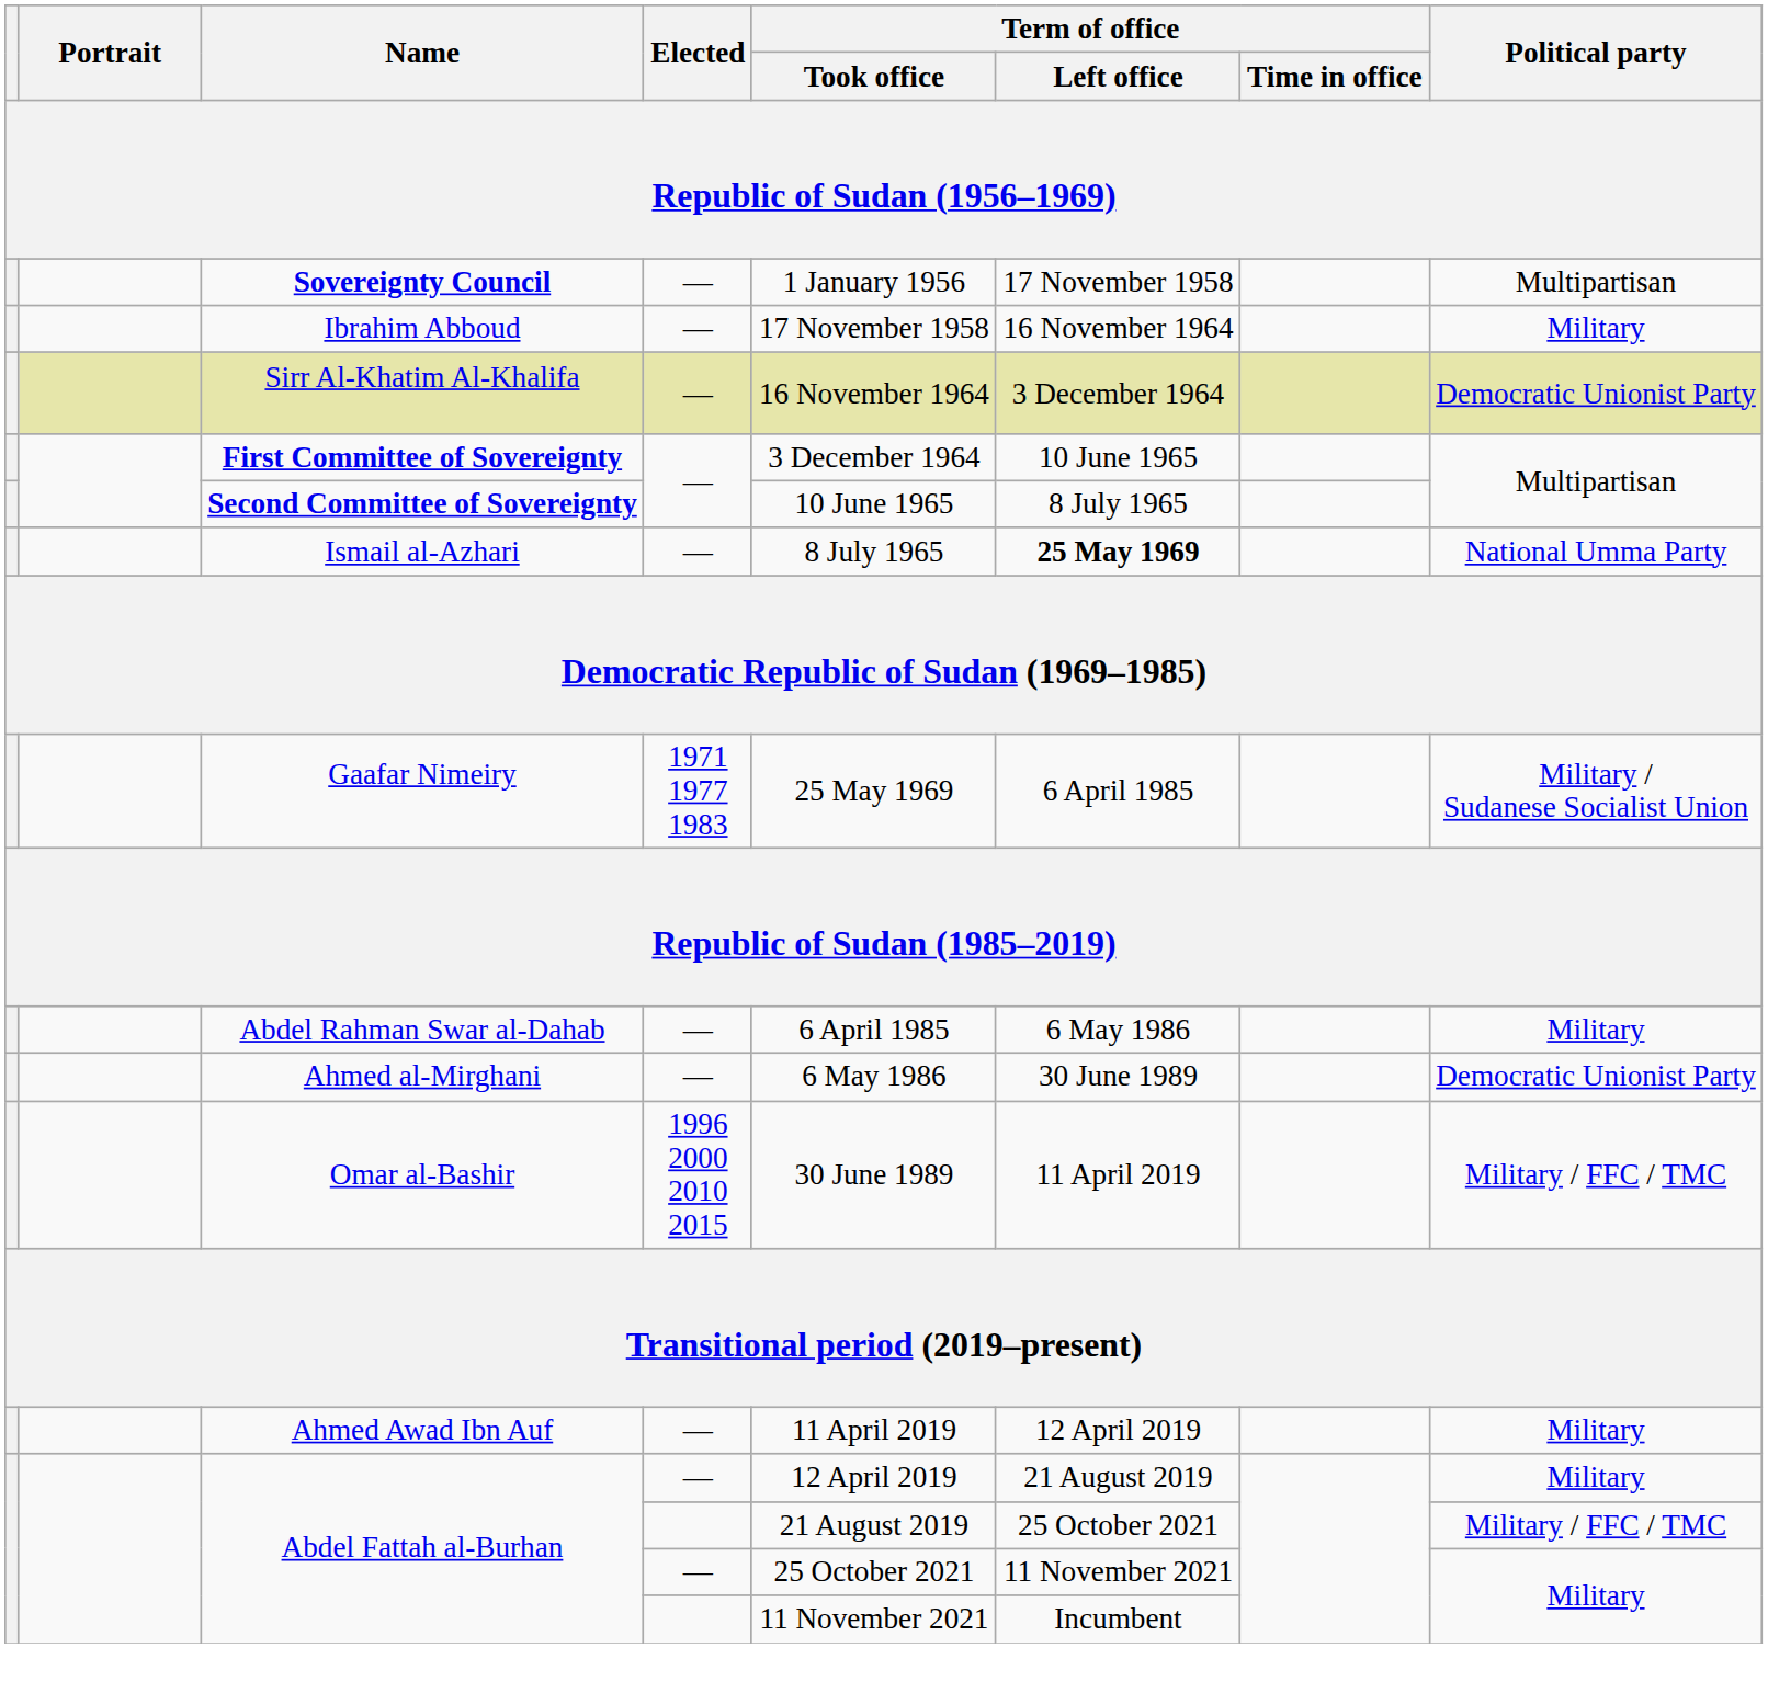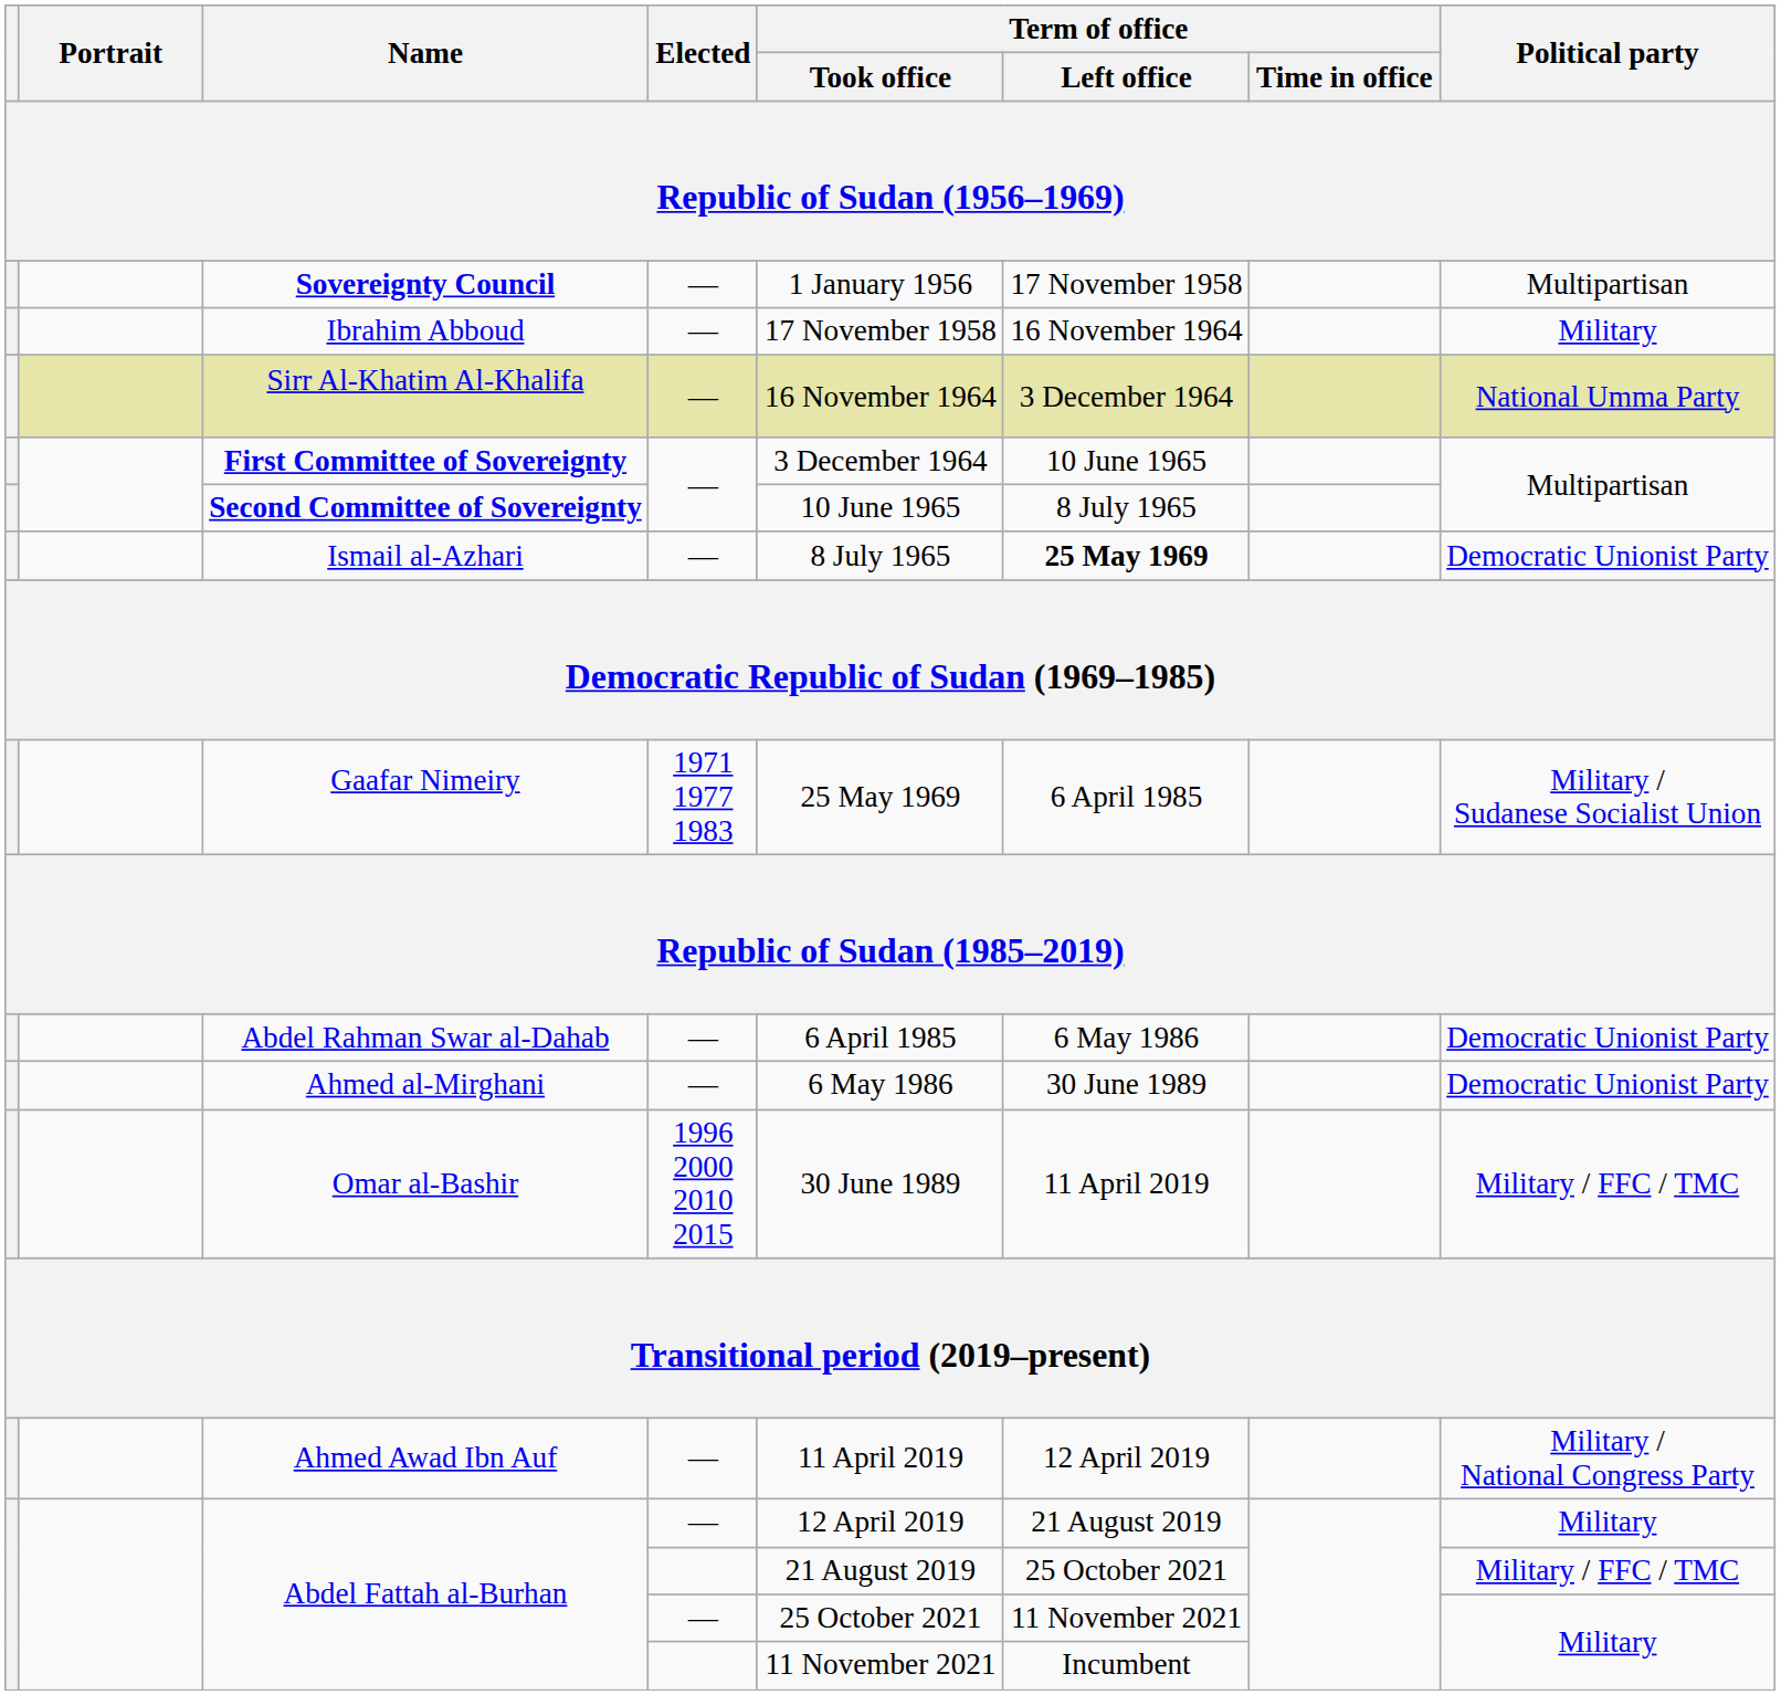 <table class="wikitable" style="text-align:center">
 <tr>
 <th rowspan="2"></th>
 <th rowspan="2" width="90px">Portrait</th>
 <th rowspan="2">Name<br></th>
 <th rowspan="2">Elected</th>
 <th colspan="3">Term of office</th>
 <th rowspan="2">Political party</th>
 </tr>
 <tr>
 <th>Took office</th>
 <th>Left office</th>
 <th>Time in office</th>
 </tr>
 <tr>
 <th colspan="8"><br><h3><a href='#'>Republic of Sudan (1956–1969)</a></h3></th>
 </tr>
 <tr>
 <th style="background:;"></th>
 <td></td>
 <td><strong><a href='#'>Sovereignty Council</a></strong><br></td>
 <td>—</td>
 <td>1 January 1956</td>
 <td>17 November 1958<br></td>
 <td></td>
 <td>Multipartisan</td>
 </tr>
 <tr>
 <th style="background:"></th>
 <td></td>
 <td><a href='#'>Ibrahim Abboud</a><br></td>
 <td>—</td>
 <td>17 November 1958</td>
 <td>16 November 1964<br></td>
 <td></td>
 <td><a href='#'>Military</a></td>
 </tr>
 <tr style="background:#e6e6aa;">
 <th style="background:"></th>
 <td></td>
 <td><a href='#'>Sirr Al-Khatim Al-Khalifa</a><br><br></td>
 <td>—</td>
 <td>16 November 1964</td>
 <td>3 December 1964</td>
 <td></td>
-<td><a href='#'>Democratic Unionist Party</a></td>
+<td><a href='#'>National Umma Party</a></td>
 </tr>
 <tr>
 <th style="background:;"></th>
 <td rowspan=2></td>
 <td><strong><a href='#'>First Committee of Sovereignty</a></strong><br></td>
 <td rowspan=2>—</td>
 <td>3 December 1964</td>
 <td>10 June 1965</td>
 <td></td>
 <td rowspan=2>Multipartisan</td>
 </tr>
 <tr>
 <th style="background:;"></th>
 <td><strong><a href='#'>Second Committee of Sovereignty</a></strong><br></td>
 <td>10 June 1965</td>
 <td>8 July 1965</td>
 <td></td>
 </tr>
 <tr>
 <th style="background:"></th>
 <td></td>
 <td><a href='#'>Ismail al-Azhari</a><br></td>
 <td>—</td>
 <td>8 July 1965</td>
 <td><strong>25 May 1969<br></strong></td>
 <td></td>
-<td><a href='#'>National Umma Party</a></td>
+<td><a href='#'>Democratic Unionist Party</a></td>
 </tr>
 <tr>
 <th colspan="8"><br><h3><a href='#'>Democratic Republic of Sudan</a> (1969–1985)</h3></th>
 </tr>
 <tr>
 <th style="background:"></th>
 <td></td>
 <td><a href='#'>Gaafar Nimeiry</a><br><br></td>
 <td><a href='#'>1971</a><br><a href='#'>1977</a><br><a href='#'>1983</a></td>
 <td>25 May 1969</td>
 <td>6 April 1985<br></td>
 <td></td>
 <td><a href='#'>Military</a> / <br> <a href='#'>Sudanese Socialist Union</a></td>
 </tr>
 <tr>
 <th colspan="8"><br><h3><a href='#'>Republic of Sudan (1985–2019)</a></h3></th>
 </tr>
 <tr>
 <th style="background:"></th>
 <td></td>
 <td><a href='#'>Abdel Rahman Swar al-Dahab</a><br></td>
 <td>—</td>
 <td>6 April 1985</td>
 <td>6 May 1986</td>
 <td></td>
-<td><a href='#'>Military</a></td>
+<td><a href='#'>Democratic Unionist Party</a></td>
 </tr>
 <tr>
 <th style="background:"></th>
 <td></td>
 <td><a href='#'>Ahmed al-Mirghani</a><br></td>
 <td>—</td>
 <td>6 May 1986</td>
 <td>30 June 1989<br></td>
 <td></td>
 <td><a href='#'>Democratic Unionist Party</a></td>
 </tr>
 <tr>
 <th style="background:"></th>
 <td></td>
 <td><a href='#'>Omar al-Bashir</a><br></td>
 <td><a href='#'>1996</a><br><a href='#'>2000</a><br><a href='#'>2010</a><br><a href='#'>2015</a></td>
 <td>30 June 1989</td>
 <td>11 April 2019<br></td>
 <td></td>
 <td><a href='#'>Military</a> / <a href='#'>FFC</a> / <a href='#'>TMC</a></td>
 </tr>
 <tr>
 <th colspan="8"><br><h3><a href='#'>Transitional period</a> (2019–present)</h3></th>
 </tr>
 <tr>
 <th style="background:"></th>
 <td></td>
 <td><a href='#'>Ahmed Awad Ibn Auf</a><br></td>
 <td>—</td>
 <td>11 April 2019</td>
 <td>12 April 2019<br></td>
 <td></td>
-<td><a href='#'>Military</a></td>
+<td><a href='#'>Military</a> / <br> <a href='#'>National Congress Party</a></td>
 </tr>
 <tr>
 <th rowspan=4 style="background:"></th>
 <td rowspan=4></td>
 <td rowspan=4><a href='#'>Abdel Fattah al-Burhan</a><br></td>
 <td>—</td>
 <td>12 April 2019</td>
 <td>21 August 2019</td>
 <td rowspan=4></td>
 <td><a href='#'>Military</a></td>
 </tr>
 <tr>
 <td></td>
 <td>21 August 2019</td>
 <td>25 October 2021</td>
 <td><a href='#'>Military</a> / <a href='#'>FFC</a> / <a href='#'>TMC</a></td>
 </tr>
 <tr>
 <td>—</td>
 <td>25 October 2021</td>
 <td>11 November 2021</td>
 <td rowspan=2><a href='#'>Military</a></td>
 </tr>
 <tr>
 <td></td>
 <td>11 November 2021</td>
 <td>Incumbent</td>
 </tr>
 </table>
